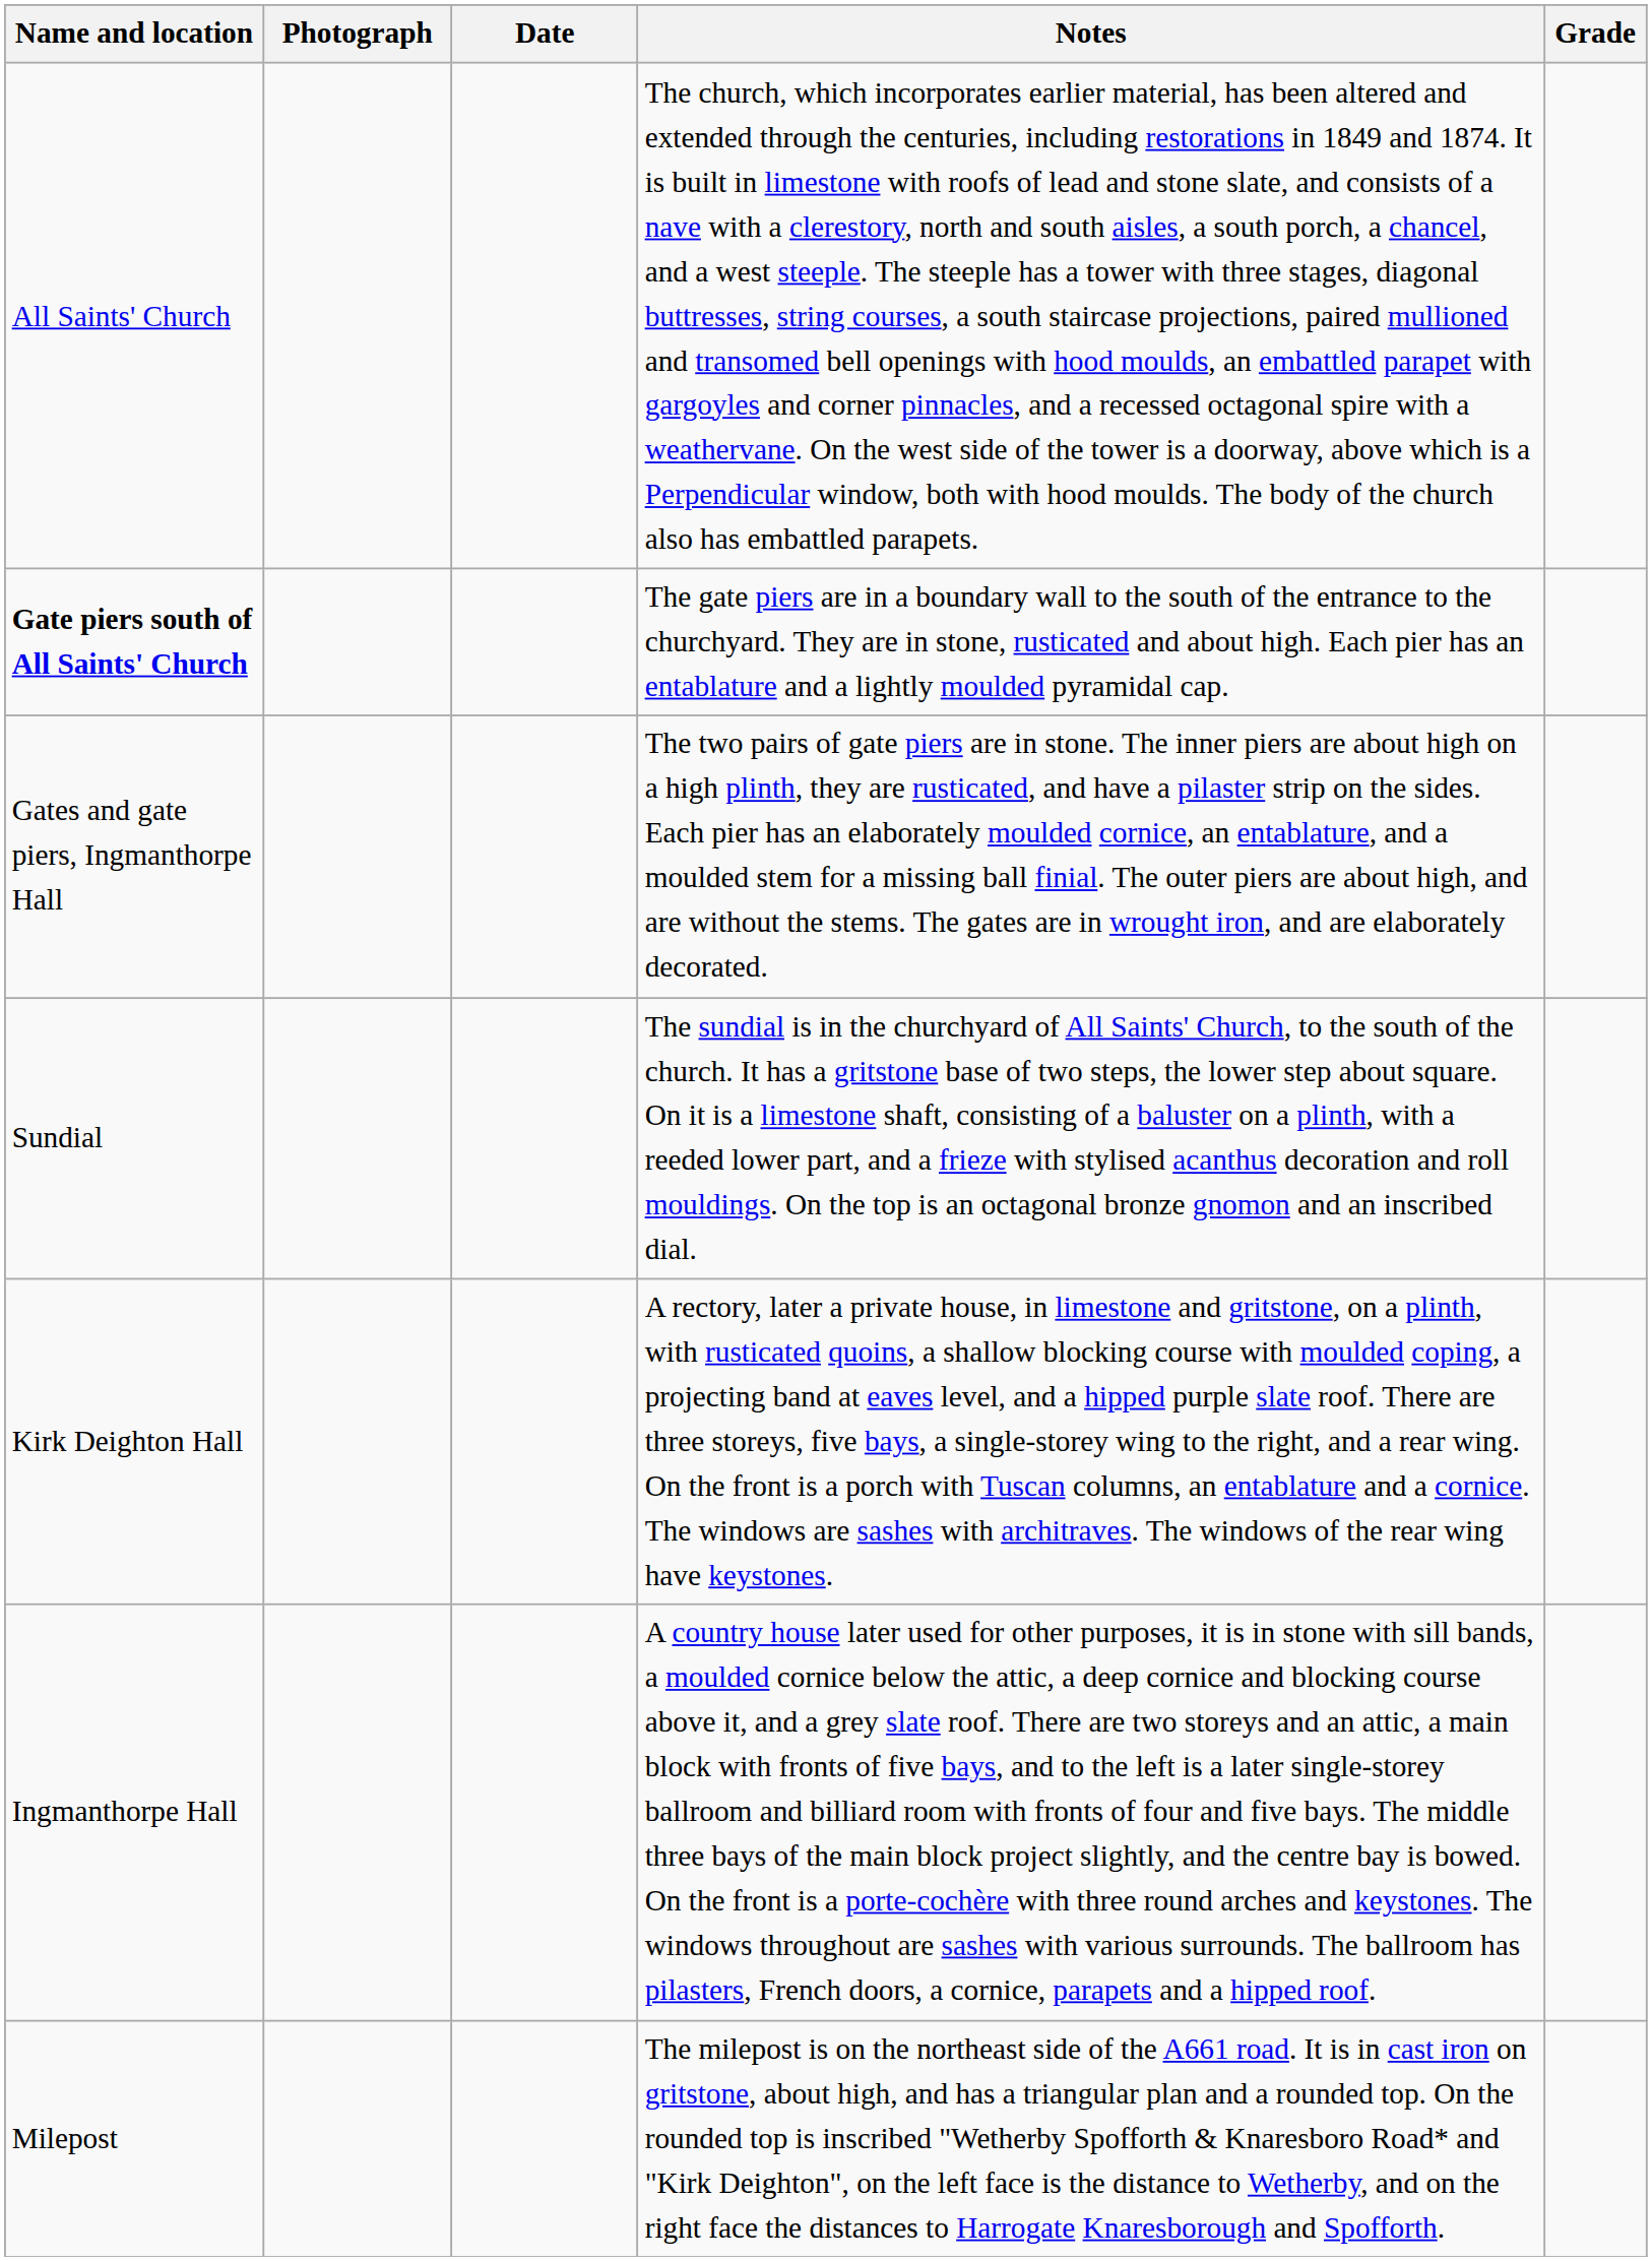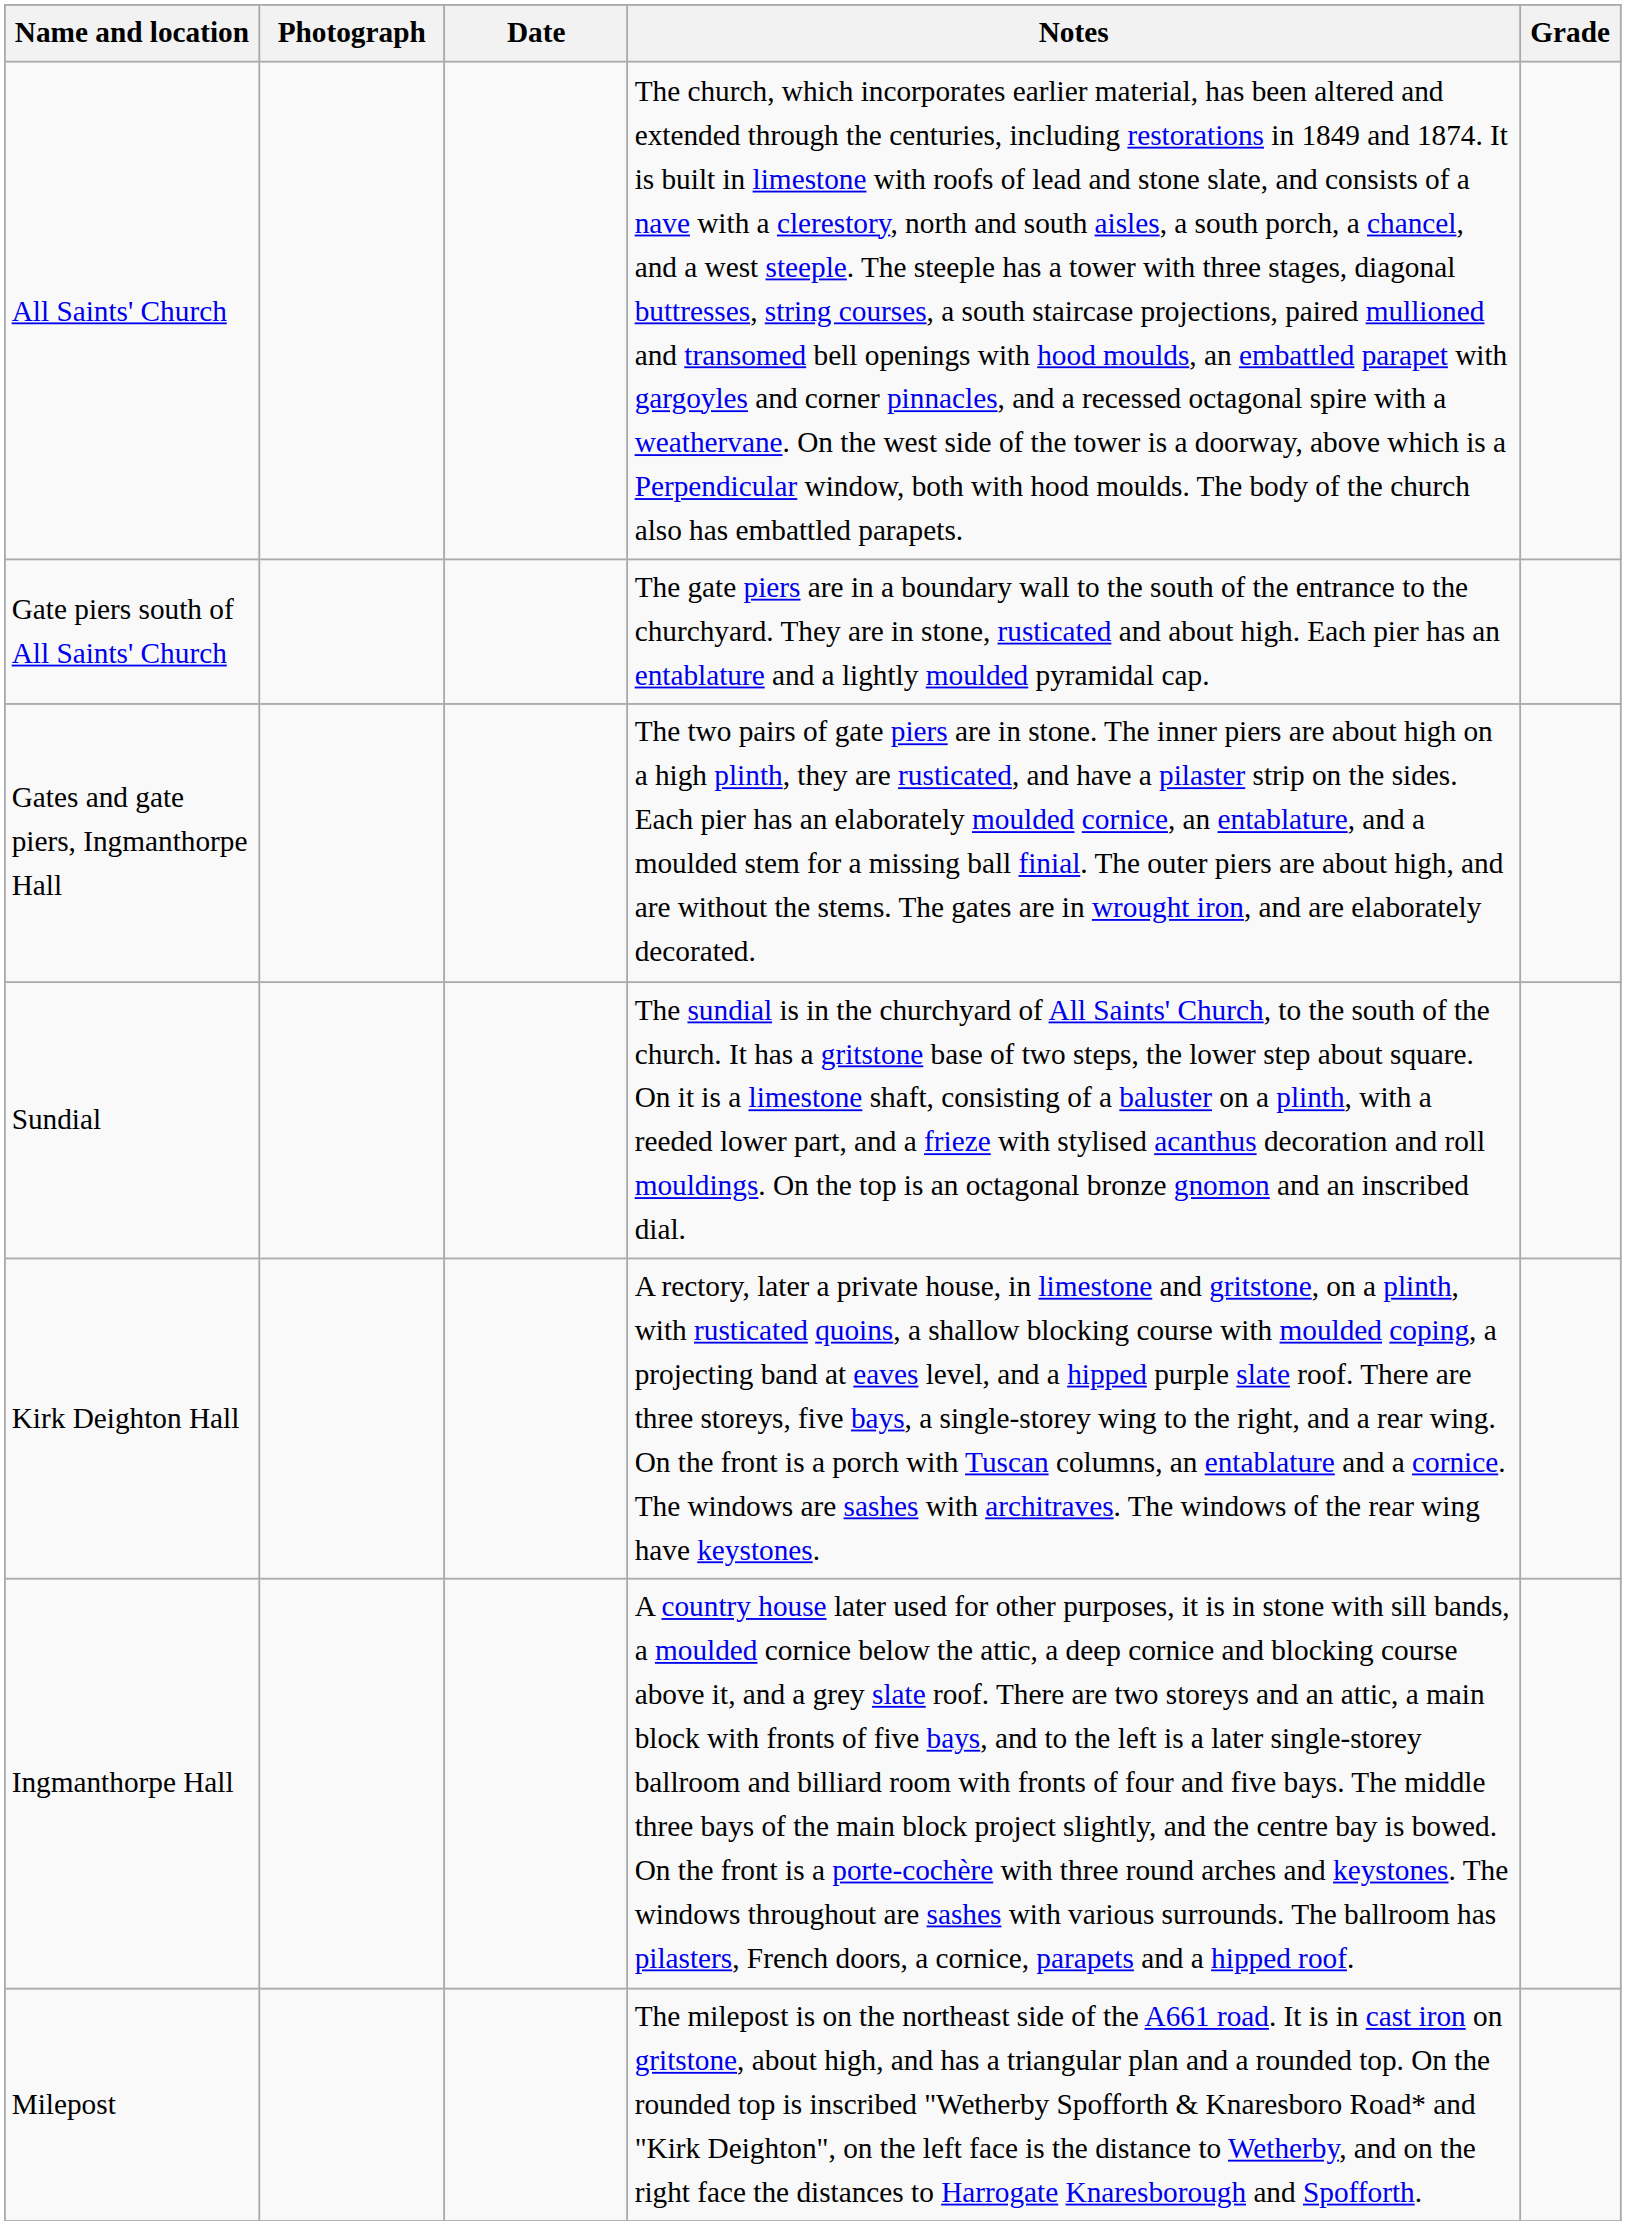 <table class="wikitable sortable plainrowheaders" style="width:100%; border:0px; text-align:left; line-height:150%">
 <tr>
 <th scope="col" style="width:150px">Name and location</th>
 <th scope="col" style="width:100px" class="unsortable">Photograph</th>
 <th scope="col" style="width:120px">Date</th>
 <th scope="col" style="width:650px" class="unsortable">Notes</th>
 <th scope="col" style="width:50px">Grade</th>
 </tr>
 <tr>
 <td><a href='#'>All Saints' Church</a><br><small></small></td>
 <td></td>
 <td align="center"></td>
 <td>The church, which incorporates earlier material, has been altered and extended through the centuries, including <a href='#'>restorations</a> in 1849 and 1874. It is built in <a href='#'>limestone</a> with roofs of lead and stone slate, and consists of a <a href='#'>nave</a> with a <a href='#'>clerestory</a>, north and south <a href='#'>aisles</a>, a south porch, a <a href='#'>chancel</a>, and a west <a href='#'>steeple</a>. The steeple has a tower with three stages, diagonal <a href='#'>buttresses</a>, <a href='#'>string courses</a>, a south staircase projections, paired <a href='#'>mullioned</a> and <a href='#'>transomed</a> bell openings with <a href='#'>hood moulds</a>, an <a href='#'>embattled</a> <a href='#'>parapet</a> with <a href='#'>gargoyles</a> and corner <a href='#'>pinnacles</a>, and a recessed octagonal spire with a <a href='#'>weathervane</a>. On the west side of the tower is a doorway, above which is a <a href='#'>Perpendicular</a> window, both with hood moulds.  The body of the church also has embattled parapets.</td>
 <td align="center" ></td>
 </tr>
 <tr>
-<td><strong>Gate piers south of <a href='#'>All Saints' Church</a><br><small></small></strong></td>
+<td>Gate piers south of <a href='#'>All Saints' Church</a><br><small></small></td>
 <td></td>
 <td align="center"></td>
 <td>The gate <a href='#'>piers</a> are in a boundary wall to the south of the entrance to the churchyard. They are in stone, <a href='#'>rusticated</a> and about  high. Each pier has an <a href='#'>entablature</a> and a lightly <a href='#'>moulded</a> pyramidal cap.</td>
 <td align="center" ></td>
 </tr>
 <tr>
 <td>Gates and gate piers, Ingmanthorpe Hall<br><small></small></td>
 <td></td>
 <td align="center"></td>
 <td>The two pairs of gate <a href='#'>piers</a> are in stone. The inner piers are about  high on a high <a href='#'>plinth</a>, they are <a href='#'>rusticated</a>, and have a <a href='#'>pilaster</a> strip on the sides. Each pier has an elaborately <a href='#'>moulded</a> <a href='#'>cornice</a>, an <a href='#'>entablature</a>, and a moulded stem for a missing ball <a href='#'>finial</a>. The outer piers are about  high, and are without the stems. The gates are in <a href='#'>wrought iron</a>, and are elaborately decorated.</td>
 <td align="center" ></td>
 </tr>
 <tr>
 <td>Sundial<br><small></small></td>
 <td></td>
 <td align="center"></td>
 <td>The <a href='#'>sundial</a> is in the churchyard of <a href='#'>All Saints' Church</a>, to the south of the church. It has a <a href='#'>gritstone</a> base of two steps, the lower step about  square. On it is a <a href='#'>limestone</a> shaft, consisting of a <a href='#'>baluster</a> on a <a href='#'>plinth</a>, with a reeded lower part, and a <a href='#'>frieze</a> with stylised <a href='#'>acanthus</a> decoration and roll <a href='#'>mouldings</a>. On the top is an octagonal bronze <a href='#'>gnomon</a> and an inscribed dial.</td>
 <td align="center" ></td>
 </tr>
 <tr>
 <td>Kirk Deighton Hall<br><small></small></td>
 <td></td>
 <td align="center"></td>
 <td>A rectory, later a private house, in <a href='#'>limestone</a> and <a href='#'>gritstone</a>, on a <a href='#'>plinth</a>, with <a href='#'>rusticated</a> <a href='#'>quoins</a>, a shallow blocking course with <a href='#'>moulded</a> <a href='#'>coping</a>, a projecting band at <a href='#'>eaves</a> level, and a <a href='#'>hipped</a> purple <a href='#'>slate</a> roof. There are three storeys, five <a href='#'>bays</a>, a single-storey wing to the right, and a rear wing. On the front is a porch with <a href='#'>Tuscan</a> columns, an <a href='#'>entablature</a> and a <a href='#'>cornice</a>. The windows are <a href='#'>sashes</a> with <a href='#'>architraves</a>. The windows of the rear wing have <a href='#'>keystones</a>.</td>
 <td align="center" ></td>
 </tr>
 <tr>
 <td>Ingmanthorpe Hall<br><small></small></td>
 <td></td>
 <td align="center"></td>
 <td>A <a href='#'>country house</a> later used for other purposes, it is in stone with sill bands, a <a href='#'>moulded</a> cornice below the attic, a deep cornice and blocking course above it, and a grey <a href='#'>slate</a> roof. There are two storeys and an attic, a main block with fronts of five <a href='#'>bays</a>, and to the left is a later single-storey ballroom and billiard room with fronts of four and five bays. The middle three bays of the main block project slightly, and the centre bay is bowed. On the front is a <a href='#'>porte-cochère</a> with three round arches and <a href='#'>keystones</a>. The windows throughout are <a href='#'>sashes</a> with various surrounds. The ballroom has <a href='#'>pilasters</a>, French doors, a cornice, <a href='#'>parapets</a> and a <a href='#'>hipped roof</a>.</td>
 <td align="center" ></td>
 </tr>
 <tr>
 <td>Milepost<br><small></small></td>
 <td></td>
 <td align="center"></td>
 <td>The milepost is on the northeast side of the <a href='#'>A661 road</a>. It is in <a href='#'>cast iron</a> on <a href='#'>gritstone</a>, about  high, and has a triangular plan and a rounded top. On the rounded top is inscribed "Wetherby Spofforth & Knaresboro Road* and "Kirk Deighton", on the left face is the distance to <a href='#'>Wetherby</a>, and on the right face the distances to <a href='#'>Harrogate</a> <a href='#'>Knaresborough</a> and <a href='#'>Spofforth</a>.</td>
 <td align="center" ></td>
 </tr>
 <tr>
 </tr>
 </table>
